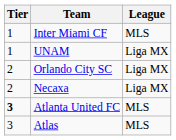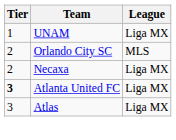 <table class="wikitable" style="white-space:nowrap; display:inline-table;">
 <tr>
 <th>Tier</th>
 <th>Team</th>
 <th>League</th>
-</tr>
-<tr>
-<td>1</td>
-<td><a href='#'>Inter Miami CF</a></td>
-<td>MLS</td>
 </tr>
 <tr>
 <td>1</td>
 <td><a href='#'>UNAM</a></td>
 <td>Liga MX</td>
 </tr>
 <tr>
 <td>2</td>
 <td><a href='#'>Orlando City SC</a></td>
-<td>Liga MX</td>
+<td>MLS</td>
 </tr>
 <tr>
 <td>2</td>
 <td><a href='#'>Necaxa</a></td>
 <td>Liga MX</td>
 </tr>
 <tr>
 <td><strong>3</strong></td>
 <td><a href='#'>Atlanta United FC</a></td>
-<td>MLS</td>
+<td>Liga MX</td>
 </tr>
 <tr>
 <td>3</td>
 <td><a href='#'>Atlas</a></td>
-<td>MLS</td>
+<td>Liga MX</td>
 </tr>
 </table>
